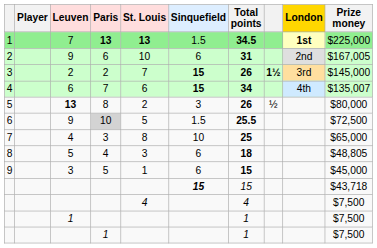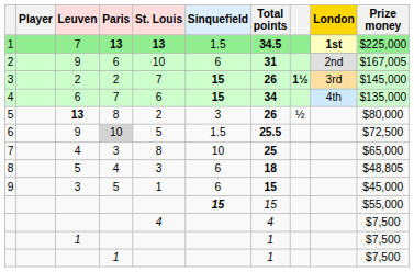 <table class="wikitable sortable" style="text-align:center;">
 <tr>
 <th></th>
 <th>Player</th>
 <th style="background-color:#ffdddd">Leuven</th>
 <th style="background-color:#ffdddd">Paris</th>
 <th style="background-color:#ffdddd">St. Louis</th>
 <th style="background-color:#ddeeff">Sinquefield</th>
 <th>Total<br>points</th>
 <th></th>
 <th style="background-color:gold">London</th>
 <th>Prize<br>money</th>
 </tr>
 <tr style="background-color:lightgreen">
 <td>1</td>
 <td align=left><strong></strong></td>
 <td>7</td>
 <td><strong>13</strong></td>
 <td><strong>13</strong></td>
 <td>1.5</td>
 <td><strong>34.5</strong></td>
 <td></td>
 <td style="background-color:#ffffbf"><strong>1st</strong></td>
 <td>$225,000</td>
 </tr>
 <tr style="background-color:#ccffcc">
 <td>2</td>
 <td align=left></td>
 <td>9</td>
 <td>6</td>
 <td>10</td>
 <td>6</td>
 <td><strong>31</strong></td>
 <td></td>
 <td style="background-color:#dfdfdf">2nd</td>
 <td>$167,005</td>
 </tr>
 <tr style="background-color:#ccffcc">
 <td>3</td>
 <td align=left></td>
 <td>2</td>
 <td>2</td>
 <td>7</td>
 <td><strong>15</strong></td>
 <td><strong>26</strong></td>
 <td><strong>1½</strong></td>
 <td style="background-color:#ffdf9f">3rd</td>
 <td>$145,000</td>
 </tr>
 <tr style="background-color:#ccffcc">
 <td>4</td>
 <td align=left></td>
 <td>6</td>
 <td>7</td>
 <td>6</td>
 <td><strong>15</strong></td>
 <td><strong>34</strong></td>
 <td></td>
 <td style="background-color:#cfeaff">4th</td>
-<td>$135,007</td>
+<td>$135,000</td>
 </tr>
 <tr>
 <td>5</td>
 <td align=left></td>
 <td><strong>13</strong></td>
 <td>8</td>
 <td>2</td>
 <td>3</td>
 <td><strong>26</strong></td>
 <td>½</td>
 <td></td>
 <td>$80,000</td>
 </tr>
 <tr>
 <td>6</td>
 <td align=left></td>
 <td>9</td>
 <td style="background: lightgrey;">10</td>
 <td>5</td>
 <td>1.5</td>
 <td><strong>25.5</strong></td>
 <td></td>
 <td></td>
 <td>$72,500</td>
 </tr>
 <tr>
 <td>7</td>
 <td align=left></td>
 <td>4</td>
 <td>3</td>
 <td>8</td>
 <td>10</td>
 <td><strong>25</strong></td>
 <td></td>
 <td></td>
 <td>$65,000</td>
 </tr>
 <tr>
 <td>8</td>
 <td align=left></td>
 <td>5</td>
 <td>4</td>
 <td>3</td>
 <td>6</td>
 <td><strong>18</strong></td>
 <td></td>
 <td></td>
 <td>$48,805</td>
 </tr>
 <tr>
 <td>9</td>
 <td align=left></td>
 <td>3</td>
 <td>5</td>
 <td>1</td>
 <td>6</td>
 <td><strong>15</strong></td>
 <td></td>
 <td></td>
 <td>$45,000</td>
 </tr>
 <tr>
 <td></td>
 <td align=left><em></em></td>
 <td></td>
 <td></td>
 <td></td>
 <td><strong><em>15</em></strong></td>
 <td><em>15</em></td>
 <td></td>
 <td></td>
-<td>$43,718</td>
+<td>$55,000</td>
 </tr>
 <tr>
 <td></td>
 <td align=left><em></em></td>
 <td></td>
 <td></td>
 <td><em>4</em></td>
 <td></td>
 <td><em>4</em></td>
 <td></td>
 <td></td>
 <td>$7,500</td>
 </tr>
 <tr>
 <td></td>
 <td align=left><em></em></td>
 <td><em>1</em></td>
 <td></td>
 <td></td>
 <td></td>
 <td><em>1</em></td>
 <td></td>
 <td></td>
 <td>$7,500</td>
 </tr>
 <tr>
 <td></td>
 <td align=left><em></em></td>
 <td></td>
 <td><em>1</em></td>
 <td></td>
 <td></td>
 <td><em>1</em></td>
 <td></td>
 <td></td>
 <td>$7,500</td>
 </tr>
 </table>
